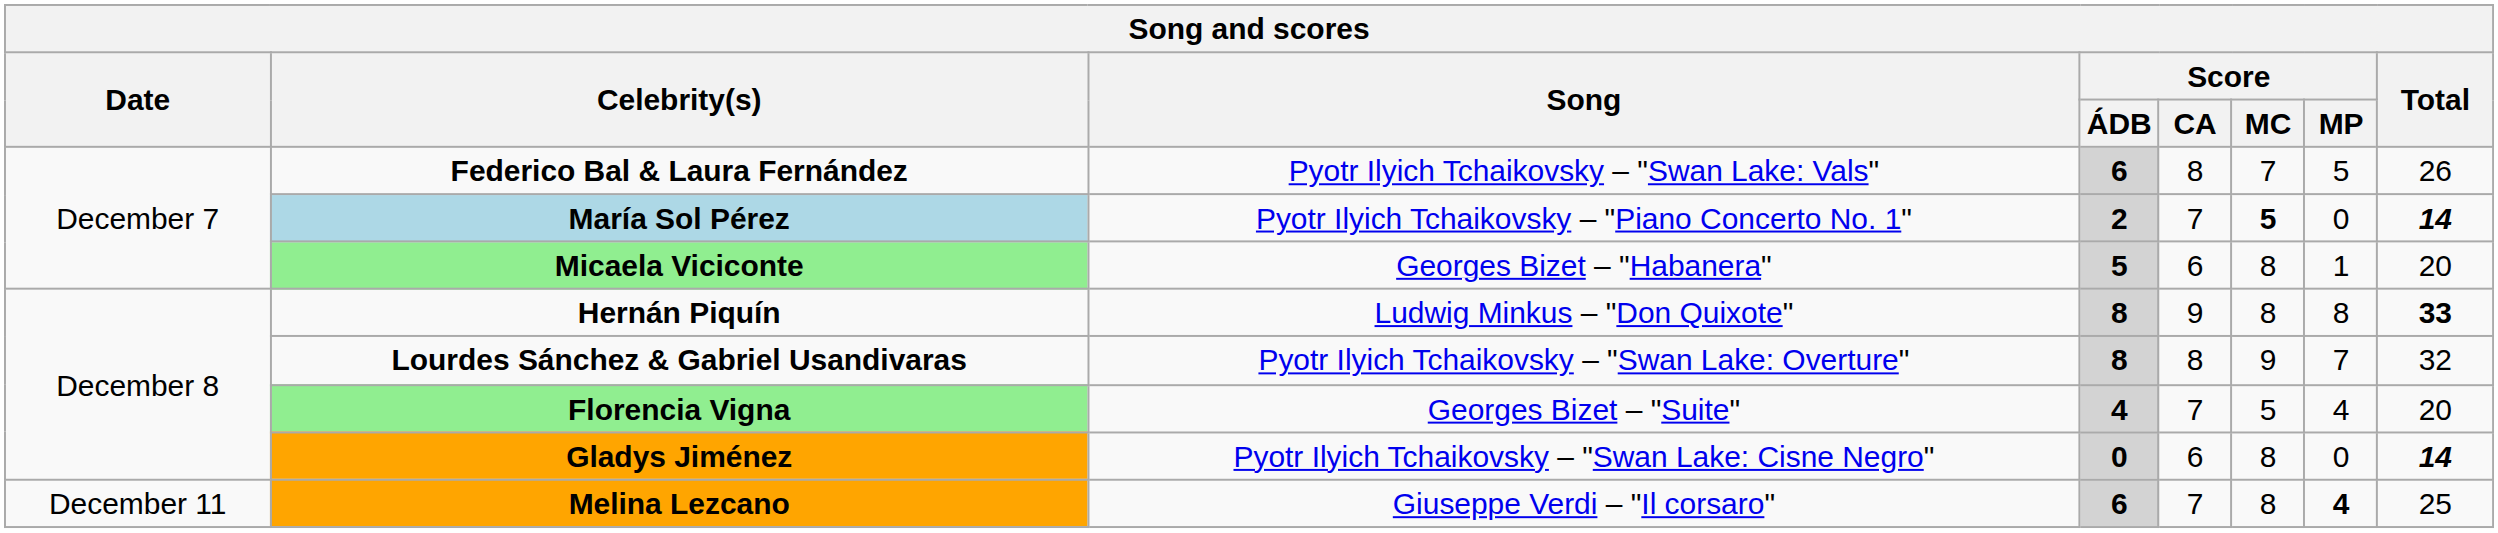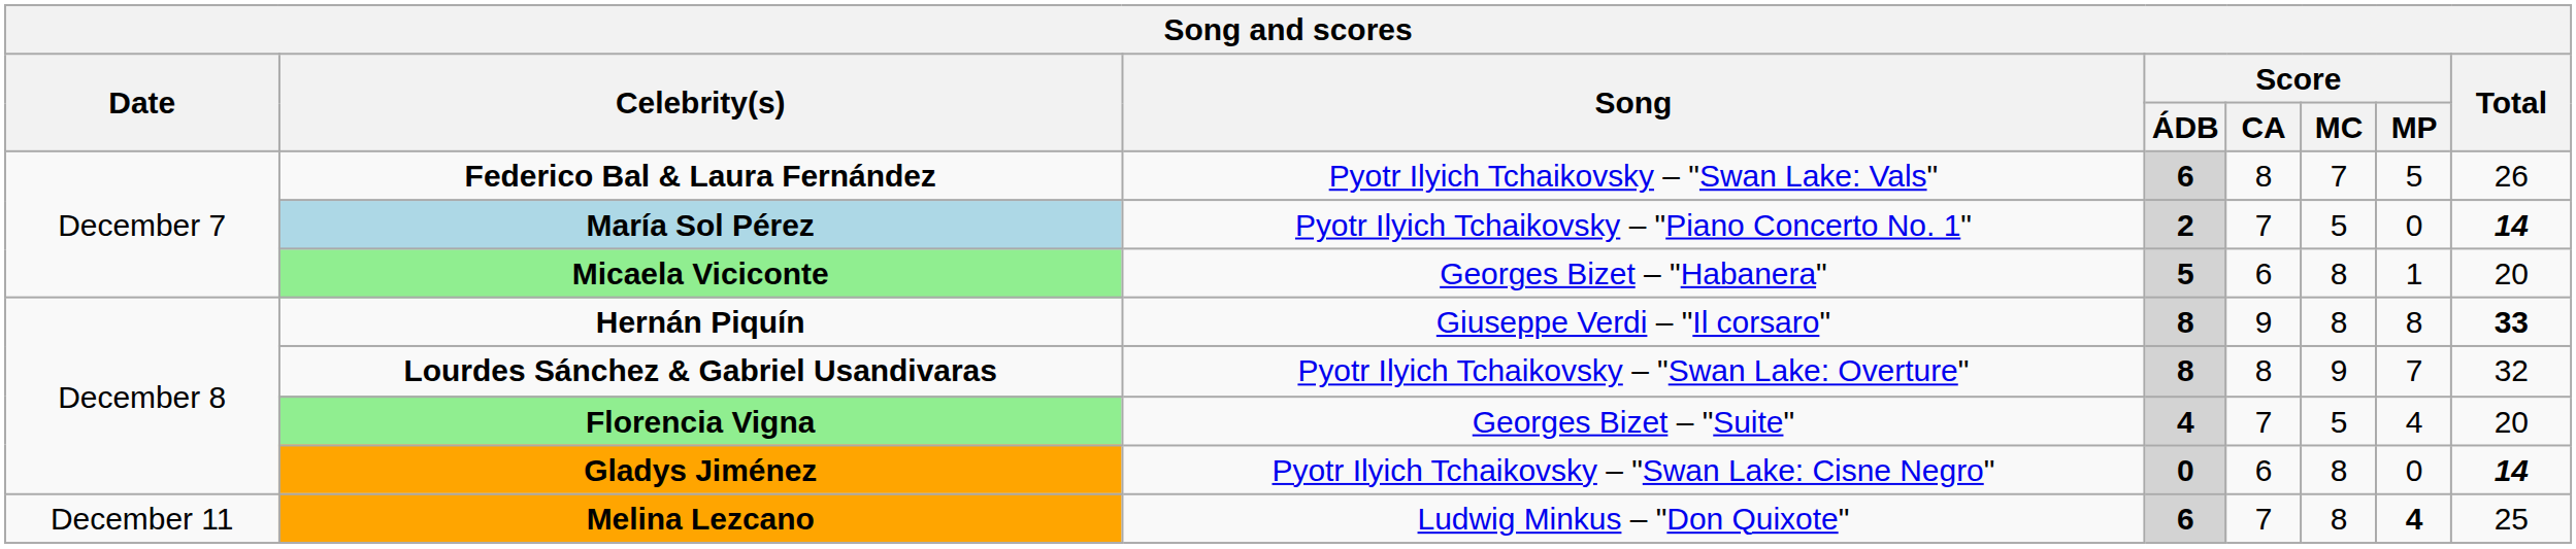 <table class="wikitable collapsible collapsed" style="font-size:95%; text-align: center; width: 100%;">
 <tr>
 <th colspan="11" style="with: 100%;" align=center>Song and scores</th>
 </tr>
 <tr>
 <th rowspan="2">Date</th>
 <th rowspan="2">Celebrity(s)</th>
 <th rowspan="2">Song</th>
 <th colspan="4">Score</th>
 <th rowspan="2">Total</th>
 </tr>
 <tr>
 <th width=30>ÁDB</th>
 <th width=30>CA</th>
 <th width=30>MC</th>
 <th width=30>MP</th>
 </tr>
 <tr>
 <td rowspan="3">December 7</td>
 <td bgcolor=""><strong>Federico Bal & Laura Fernández</strong></td>
 <td><a href='#'>Pyotr Ilyich Tchaikovsky</a> – "<a href='#'>Swan Lake: Vals</a>"</td>
 <td bgcolor="lightgrey"><strong>6</strong></td>
 <td>8</td>
 <td>7</td>
 <td>5</td>
 <td>26</td>
 </tr>
 <tr>
 <td bgcolor="lightblue"><strong>María Sol Pérez</strong></td>
 <td><a href='#'>Pyotr Ilyich Tchaikovsky</a> – "<a href='#'>Piano Concerto No. 1</a>"</td>
 <td bgcolor="lightgrey"><strong>2</strong></td>
 <td>7</td>
-<td><strong>5</strong></td>
+<td>5</td>
 <td>0</td>
 <td><span><strong><em>14</em></strong></span></td>
 </tr>
 <tr>
 <td bgcolor="lightgreen"><strong>Micaela Viciconte</strong></td>
 <td><a href='#'>Georges Bizet</a> – "<a href='#'>Habanera</a>"</td>
 <td bgcolor="lightgrey"><strong>5</strong></td>
 <td>6</td>
 <td>8</td>
 <td>1</td>
 <td>20</td>
 </tr>
 <tr>
 <td rowspan="4">December 8</td>
 <td bgcolor=""><strong>Hernán Piquín</strong></td>
-<td><a href='#'>Ludwig Minkus</a> – "<a href='#'>Don Quixote</a>"</td>
+<td><a href='#'>Giuseppe Verdi</a> – "<a href='#'>Il corsaro</a>"</td>
 <td bgcolor="lightgrey"><strong>8</strong></td>
 <td>9</td>
 <td>8</td>
 <td>8</td>
 <td><span><strong>33</strong></span></td>
 </tr>
 <tr>
 <td bgcolor=""><strong>Lourdes Sánchez & Gabriel Usandivaras</strong></td>
 <td><a href='#'>Pyotr Ilyich Tchaikovsky</a> – "<a href='#'>Swan Lake: Overture</a>"</td>
 <td bgcolor="lightgrey"><strong>8</strong></td>
 <td>8</td>
 <td>9</td>
 <td>7</td>
 <td>32</td>
 </tr>
 <tr>
 <td bgcolor="lightgreen"><strong>Florencia Vigna</strong></td>
 <td><a href='#'>Georges Bizet</a> – "<a href='#'>Suite</a>"</td>
 <td bgcolor="lightgrey"><strong>4</strong></td>
 <td>7</td>
 <td>5</td>
 <td>4</td>
 <td>20</td>
 </tr>
 <tr>
 <td bgcolor="orange"><strong>Gladys Jiménez</strong></td>
 <td><a href='#'>Pyotr Ilyich Tchaikovsky</a> – "<a href='#'>Swan Lake: Cisne Negro</a>"</td>
 <td bgcolor="lightgrey"><strong>0</strong></td>
 <td>6</td>
 <td>8</td>
 <td>0</td>
 <td><span><strong><em>14</em></strong></span></td>
 </tr>
 <tr>
 <td rowspan="1">December 11</td>
 <td bgcolor="orange"><strong>Melina Lezcano</strong></td>
-<td><a href='#'>Giuseppe Verdi</a> – "<a href='#'>Il corsaro</a>"</td>
+<td><a href='#'>Ludwig Minkus</a> – "<a href='#'>Don Quixote</a>"</td>
 <td bgcolor="lightgrey"><strong>6</strong></td>
 <td>7</td>
 <td>8</td>
 <td><strong>4</strong></td>
 <td>25</td>
 </tr>
 </table>
